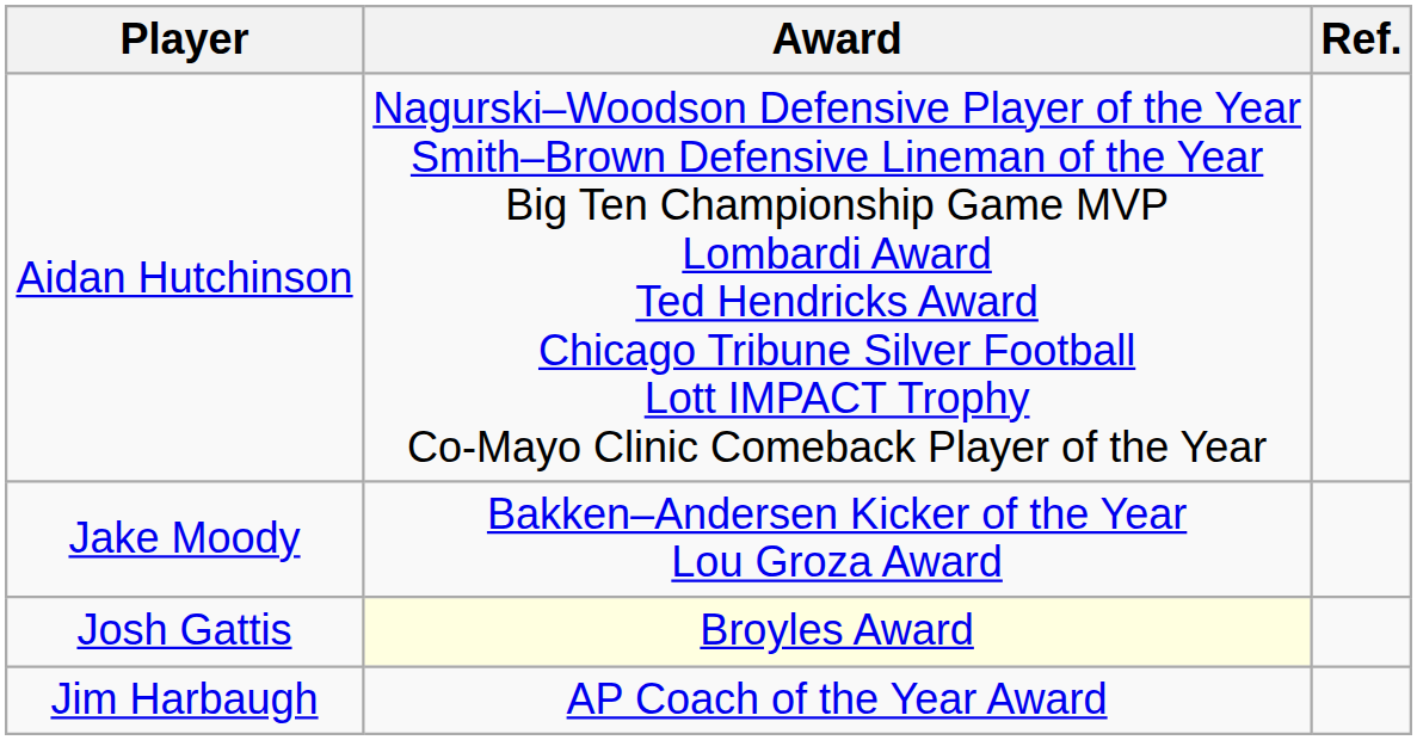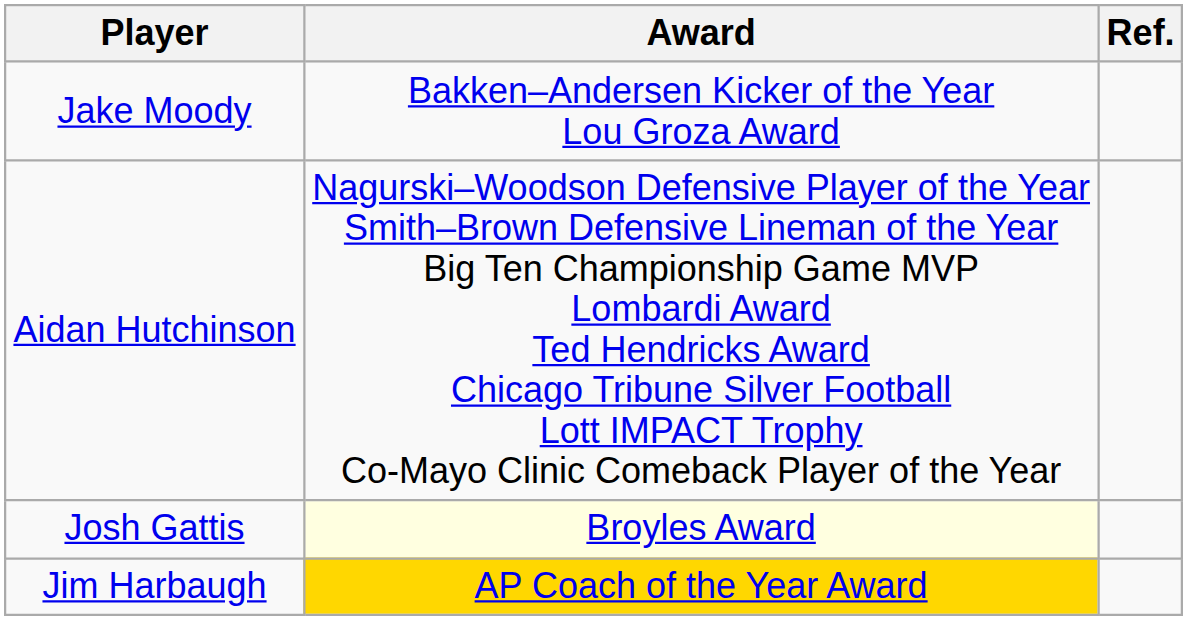 <table class="wikitable sortable sortable" style="text-align: center">
 <tr align=center>
 <th>Player</th>
 <th>Award</th>
 <th>Ref.</th>
 </tr>
 <tr>
+<td><a href='#'>Jake Moody</a></td>
+<td><a href='#'>Bakken–Andersen Kicker of the Year</a><br><a href='#'>Lou Groza Award</a></td>
+<td><br></td>
+</tr>
+<tr>
 <td><a href='#'>Aidan Hutchinson</a></td>
 <td><a href='#'>Nagurski–Woodson Defensive Player of the Year</a><br><a href='#'>Smith–Brown Defensive Lineman of the Year</a><br>Big Ten Championship Game MVP<br><a href='#'>Lombardi Award</a><br><a href='#'>Ted Hendricks Award</a><br><a href='#'>Chicago Tribune Silver Football</a><br><a href='#'>Lott IMPACT Trophy</a><br>Co-Mayo Clinic Comeback Player of the Year</td>
 <td><br><br><br><br><br><br></td>
-</tr>
-<tr>
-<td><a href='#'>Jake Moody</a></td>
-<td><a href='#'>Bakken–Andersen Kicker of the Year</a><br><a href='#'>Lou Groza Award</a></td>
-<td><br></td>
 </tr>
 <tr>
 <td><a href='#'>Josh Gattis</a></td>
 <td style="background: lightyellow;"><a href='#'>Broyles Award</a></td>
 <td></td>
 </tr>
 <tr>
 <td><a href='#'>Jim Harbaugh</a></td>
-<td><a href='#'>AP Coach of the Year Award</a></td>
+<td style="background: gold;"><a href='#'>AP Coach of the Year Award</a></td>
 <td></td>
 </tr>
 </table>
